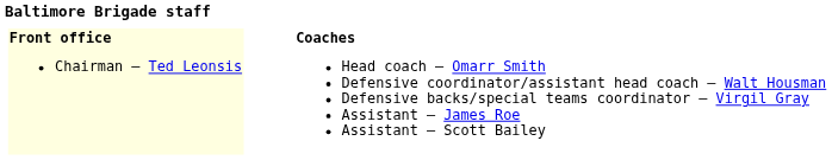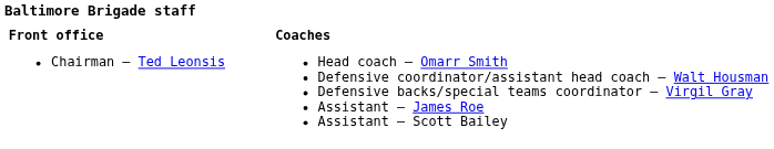 <table class="toccolours" style="text-align: left;">
 <tr>
 <th colspan=7>Baltimore Brigade staff</th>
 </tr>
 <tr>
 <td colspan=7 align="right"></td>
 </tr>
 <tr>
 <td valign="top"></td>
-<td style="background: lightyellow; font-size: 95%;" valign="top"><strong>Front office</strong><br><ul><li>Chairman – <a href='#'>Ted Leonsis</a></li></ul></td>
+<td style="font-size: 95%;" valign="top"><strong>Front office</strong><br><ul><li>Chairman – <a href='#'>Ted Leonsis</a></li></ul></td>
 <td width="35"> </td>
 <td valign="top"></td>
 <td style="font-size: 95%;" valign="top"><strong>Coaches</strong><br><ul><li>Head coach – <a href='#'>Omarr Smith</a></li><li>Defensive coordinator/assistant head coach – <a href='#'>Walt Housman</a></li><li>Defensive backs/special teams coordinator – <a href='#'>Virgil Gray</a></li><li>Assistant – <a href='#'>James Roe</a></li><li>Assistant – Scott Bailey</li></ul></td>
 </tr>
 </table>
